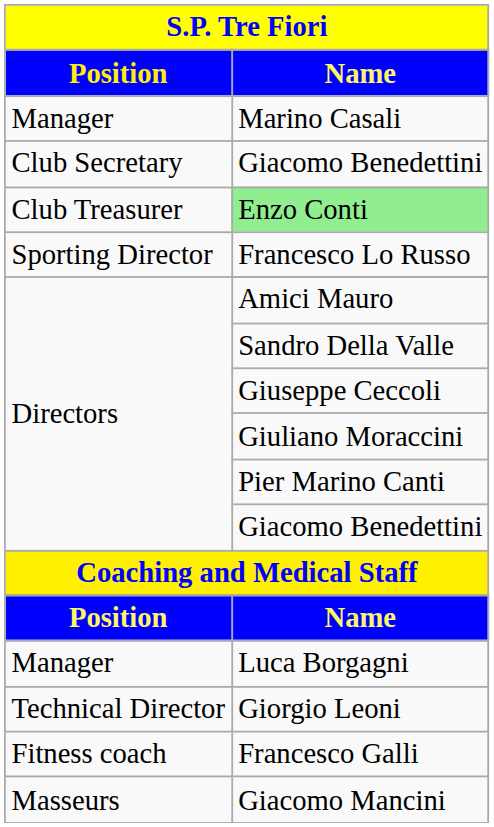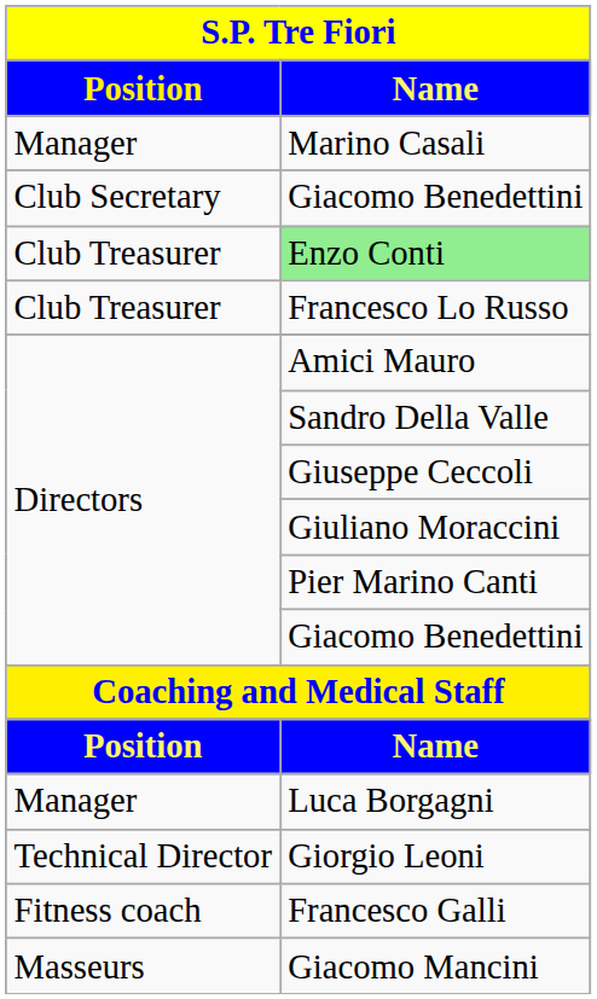 <table class="wikitable">
 <tr>
 <th colspan="2" style="color:blue;background:yellow">S.P. Tre Fiori</th>
 </tr>
 <tr>
 <th style="color:#FFF000;background:blue">Position</th>
 <th style="color:#FFF665;background:blue">Name</th>
 </tr>
 <tr>
 <td>Manager</td>
 <td>Marino Casali</td>
 </tr>
 <tr>
 <td>Club Secretary</td>
 <td>Giacomo Benedettini</td>
 </tr>
 <tr>
 <td>Club Treasurer</td>
 <td style="background: lightgreen;">Enzo Conti</td>
 </tr>
 <tr>
-<td>Sporting Director</td>
+<td>Club Treasurer</td>
 <td>Francesco Lo Russo</td>
 </tr>
 <tr>
 <td rowspan="7">Directors</td>
 </tr>
 <tr>
 <td>Amici Mauro</td>
 </tr>
 <tr>
 <td>Sandro Della Valle</td>
 </tr>
 <tr>
 <td>Giuseppe Ceccoli</td>
 </tr>
 <tr>
 <td>Giuliano Moraccini</td>
 </tr>
 <tr>
 <td>Pier Marino Canti</td>
 </tr>
 <tr>
 <td>Giacomo Benedettini</td>
 </tr>
 <tr>
 <th colspan="2" style="color:blue;background:#FFF000">Coaching and Medical Staff</th>
 </tr>
 <tr>
 <th style="color:#FFF665;background:blue">Position</th>
 <th style="color:#FFF665;background:blue">Name</th>
 </tr>
 <tr>
 <td>Manager</td>
 <td>Luca Borgagni</td>
 </tr>
 <tr>
 <td>Technical Director</td>
 <td>Giorgio Leoni</td>
 </tr>
 <tr>
 <td>Fitness coach</td>
 <td>Francesco Galli</td>
 </tr>
 <tr>
 <td>Masseurs</td>
 <td>Giacomo Mancini</td>
 </tr>
 </table>
